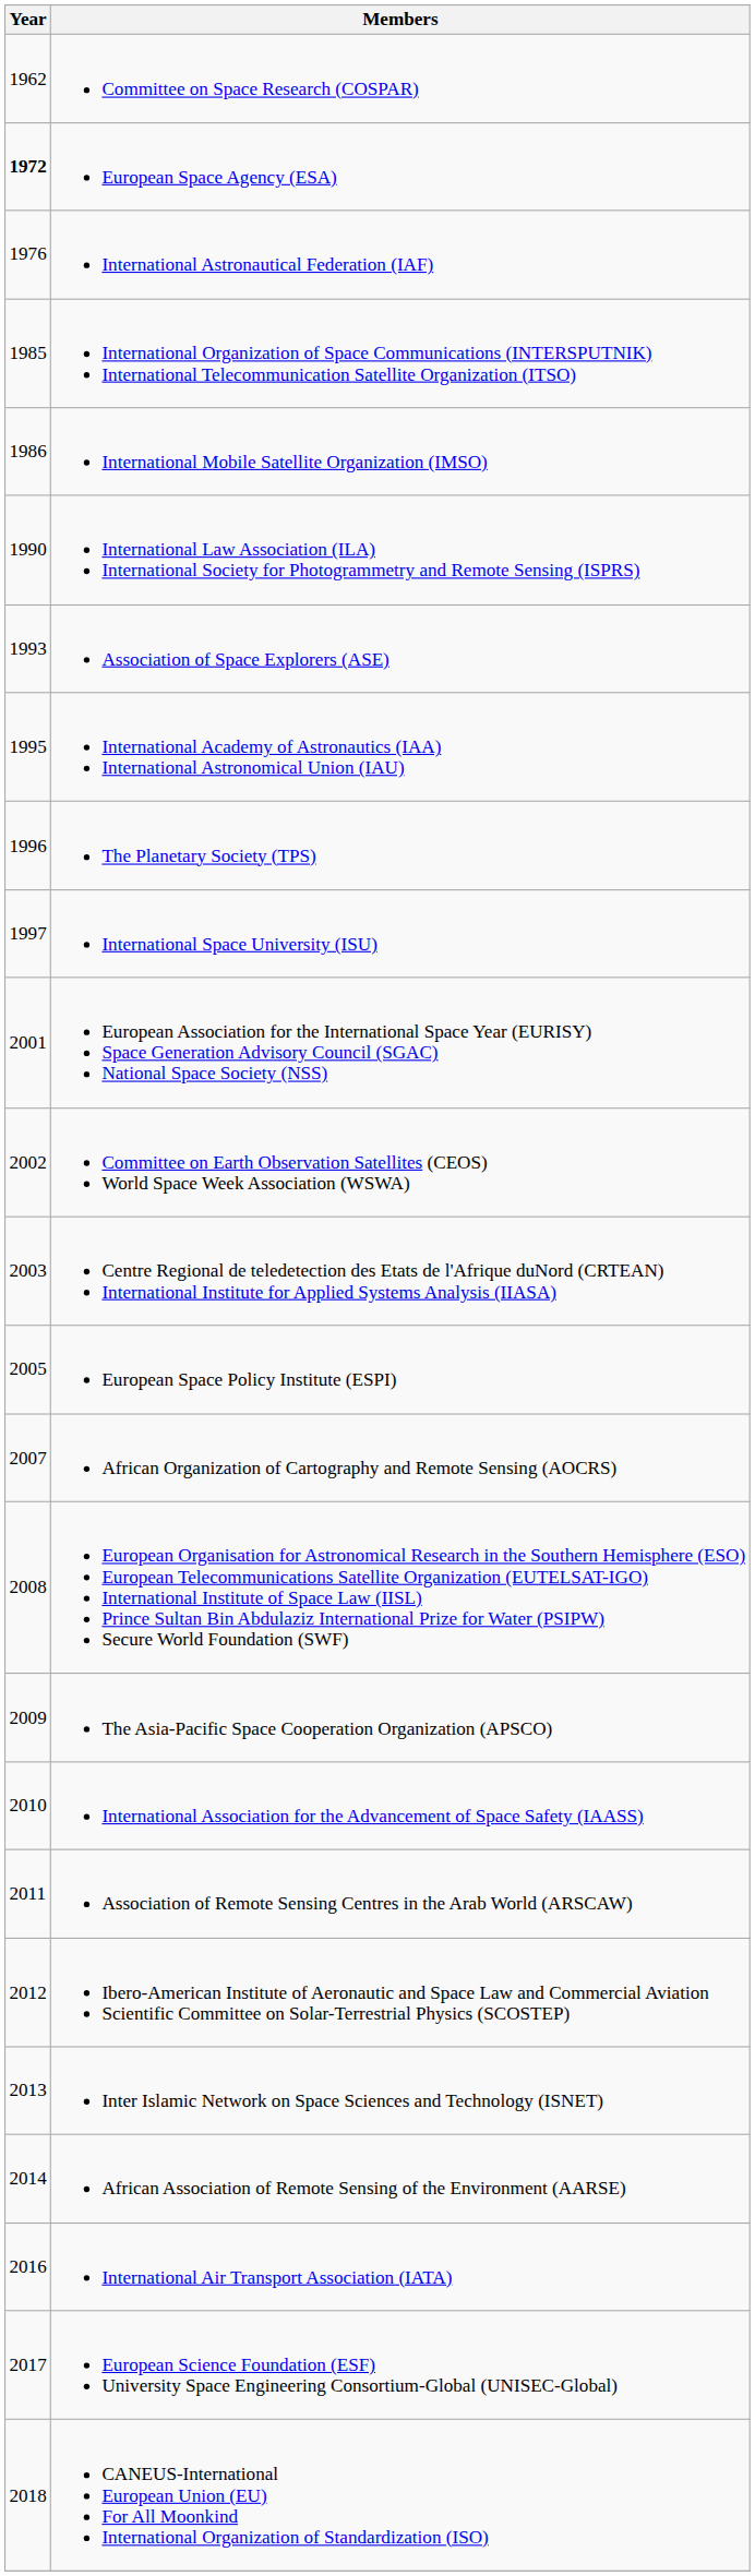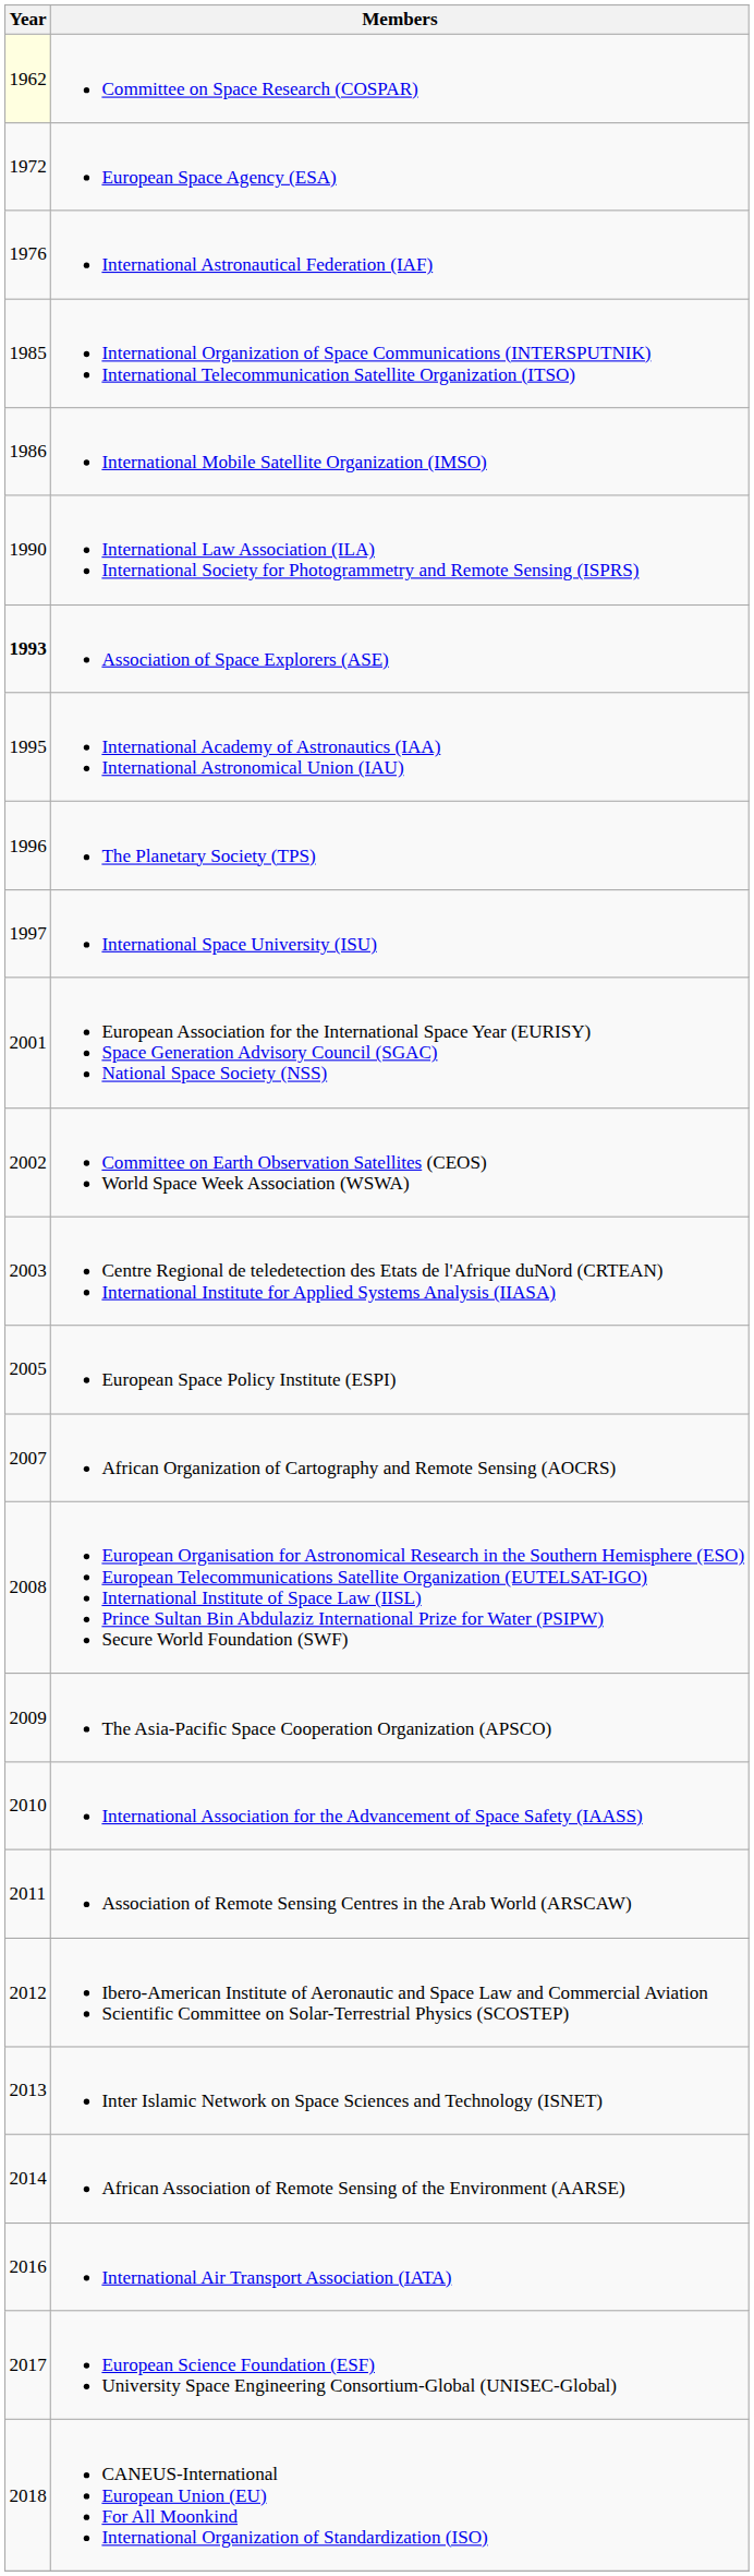 <table class="wikitable">
 <tr>
 <th>Year</th>
 <th>Members</th>
 </tr>
 <tr>
-<td>1962</td>
+<td style="background: lightyellow;">1962</td>
 <td><br><ul><li><a href='#'>Committee on Space Research (COSPAR)</a></li></ul></td>
 </tr>
 <tr>
-<td><strong>1972</strong></td>
+<td>1972</td>
 <td><br><ul><li><a href='#'>European Space Agency (ESA)</a></li></ul></td>
 </tr>
 <tr>
 <td>1976</td>
 <td><br><ul><li><a href='#'>International Astronautical Federation (IAF)</a></li></ul></td>
 </tr>
 <tr>
 <td>1985</td>
 <td><br><ul><li><a href='#'>International Organization of Space Communications (INTERSPUTNIK)</a></li><li><a href='#'>International Telecommunication Satellite Organization (ITSO)</a></li></ul></td>
 </tr>
 <tr>
 <td>1986</td>
 <td><br><ul><li><a href='#'>International Mobile Satellite Organization (IMSO)</a></li></ul></td>
 </tr>
 <tr>
 <td>1990</td>
 <td><br><ul><li><a href='#'>International Law Association (ILA)</a></li><li><a href='#'>International Society for Photogrammetry and Remote Sensing (ISPRS)</a></li></ul></td>
 </tr>
 <tr>
-<td>1993</td>
+<td><strong>1993</strong></td>
 <td><br><ul><li><a href='#'>Association of Space Explorers (ASE)</a></li></ul></td>
 </tr>
 <tr>
 <td>1995</td>
 <td><br><ul><li><a href='#'>International Academy of Astronautics (IAA)</a></li><li><a href='#'>International Astronomical Union (IAU)</a></li></ul></td>
 </tr>
 <tr>
 <td>1996</td>
 <td><br><ul><li><a href='#'>The Planetary Society (TPS)</a></li></ul></td>
 </tr>
 <tr>
 <td>1997</td>
 <td><br><ul><li><a href='#'>International Space University (ISU)</a></li></ul></td>
 </tr>
 <tr>
 <td>2001</td>
 <td><br><ul><li>European Association for the International Space Year (EURISY)</li><li><a href='#'>Space Generation Advisory Council (SGAC)</a></li><li><a href='#'>National Space Society (NSS)</a></li></ul></td>
 </tr>
 <tr>
 <td>2002</td>
 <td><br><ul><li><a href='#'>Committee on Earth Observation Satellites</a> (CEOS)</li><li>World Space Week Association (WSWA)</li></ul></td>
 </tr>
 <tr>
 <td>2003</td>
 <td><br><ul><li>Centre Regional de teledetection des Etats de l'Afrique duNord (CRTEAN)</li><li><a href='#'>International Institute for Applied Systems Analysis (IIASA)</a></li></ul></td>
 </tr>
 <tr>
 <td>2005</td>
 <td><br><ul><li>European Space Policy Institute (ESPI)</li></ul></td>
 </tr>
 <tr>
 <td>2007</td>
 <td><br><ul><li>African Organization of Cartography and Remote Sensing (AOCRS)</li></ul></td>
 </tr>
 <tr>
 <td>2008</td>
 <td><br><ul><li><a href='#'>European Organisation for Astronomical Research in the Southern Hemisphere (ESO)</a></li><li><a href='#'>European Telecommunications Satellite Organization (EUTELSAT-IGO)</a></li><li><a href='#'>International Institute of Space Law (IISL)</a></li><li><a href='#'>Prince Sultan Bin Abdulaziz International Prize for Water (PSIPW)</a></li><li>Secure World Foundation (SWF)</li></ul></td>
 </tr>
 <tr>
 <td>2009</td>
 <td><br><ul><li>The Asia-Pacific Space Cooperation Organization (APSCO)</li></ul></td>
 </tr>
 <tr>
 <td>2010</td>
 <td><br><ul><li><a href='#'>International Association for the Advancement of Space Safety (IAASS)</a></li></ul></td>
 </tr>
 <tr>
 <td>2011</td>
 <td><br><ul><li>Association of Remote Sensing Centres in the Arab World (ARSCAW)</li></ul></td>
 </tr>
 <tr>
 <td>2012</td>
 <td><br><ul><li>Ibero-American Institute of Aeronautic and Space Law and Commercial Aviation</li><li>Scientific Committee on Solar-Terrestrial Physics (SCOSTEP)</li></ul></td>
 </tr>
 <tr>
 <td>2013</td>
 <td><br><ul><li>Inter Islamic Network on Space Sciences and Technology (ISNET)</li></ul></td>
 </tr>
 <tr>
 <td>2014</td>
 <td><br><ul><li>African Association of Remote Sensing of the Environment (AARSE)</li></ul></td>
 </tr>
 <tr>
 <td>2016</td>
 <td><br><ul><li><a href='#'>International Air Transport Association (IATA)</a></li></ul></td>
 </tr>
 <tr>
 <td>2017</td>
 <td><br><ul><li><a href='#'>European Science Foundation (ESF)</a></li><li>University Space Engineering Consortium-Global (UNISEC-Global)</li></ul></td>
 </tr>
 <tr>
 <td>2018</td>
 <td><br><ul><li>CANEUS-International</li><li><a href='#'>European Union (EU)</a></li><li><a href='#'>For All Moonkind</a></li><li><a href='#'>International Organization of Standardization (ISO)</a></li></ul></td>
 </tr>
 <tr>
 </tr>
 </table>
